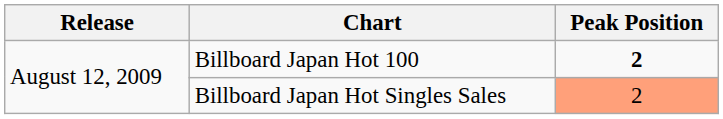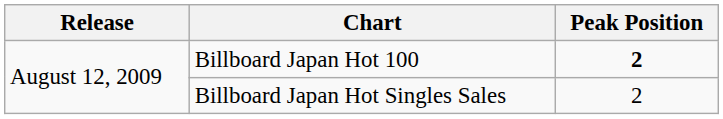 <table class="wikitable" width="500px">
 <tr>
 <th>Release</th>
 <th>Chart</th>
 <th>Peak Position</th>
 </tr>
 <tr>
 <td rowspan="2">August 12, 2009</td>
 <td>Billboard Japan Hot 100</td>
 <td align="center"><strong>2</strong></td>
 </tr>
 <tr>
 <td>Billboard Japan Hot Singles Sales</td>
-<td align="center" style="background: lightsalmon;">2</td>
+<td align="center">2</td>
 </tr>
 </table>
